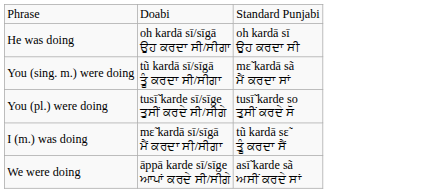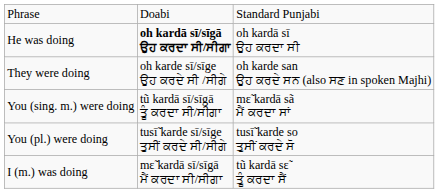 <table class="wikitable">
 <tr>
 <td>Phrase</td>
 <td>Doabi</td>
 <td>Standard  Punjabi</td>
 </tr>
 <tr>
 <td>He was doing</td>
-<td>oh kardā sī/sīgā<br>ਉਹ ਕਰਦਾ ਸੀ/ਸੀਗਾ </td>
+<td><strong>oh kardā sī/sīgā<br>ਉਹ ਕਰਦਾ ਸੀ/ਸੀਗਾ </strong></td>
 <td>oh kardā sī<br>ਉਹ ਕਰਦਾ ਸੀ </td>
+</tr>
+<tr>
+<td>They were doing</td>
+<td>oh karde sī/sīge<br>ਉਹ ਕਰਦੇ  ਸੀ /ਸੀਗੇ </td>
+<td>oh karde san<br>ਉਹ ਕਰਦੇ ਸਨ  (also  ਸਣ in spoken Majhi) </td>
 </tr>
 <tr>
 <td>You (sing. m.) were doing</td>
 <td>tũ kardā sī/sīgā<br>ਤੂੰ ਕਰਦਾ ਸੀ/ਸੀਗਾ </td>
 <td>mɛ̃ kardā sã<br>ਮੈਂ ਕਰਦਾ ਸਾਂ </td>
 </tr>
 <tr>
 <td>You (pl.) were doing</td>
 <td>tusī̃ karde sī/sīge<br>ਤੁਸੀਂ ਕਰਦੇ ਸੀ/ਸੀਗੇ </td>
 <td>tusī̃ karde so<br>ਤੁਸੀਂ ਕਰਦੇ ਸੋ </td>
 </tr>
 <tr>
 <td>I (m.) was doing</td>
 <td>mɛ̃ kardā sī/sīgā<br>ਮੈਂ ਕਰਦਾ ਸੀ/ਸੀਗਾ </td>
 <td>tũ kardā sɛ̃<br>ਤੂੰ ਕਰਦਾ ਸੈਂ </td>
 </tr>
-<tr>
-<td>We were doing</td>
-<td>āppā karde sī/sīge<br>ਆਪਾਂ ਕਰਦੇ ਸੀ/ਸੀਗੇ </td>
-<td>asī̃ karde sã<br>ਅਸੀਂ ਕਰਦੇ ਸਾਂ </td>
-</tr>
 </table>
